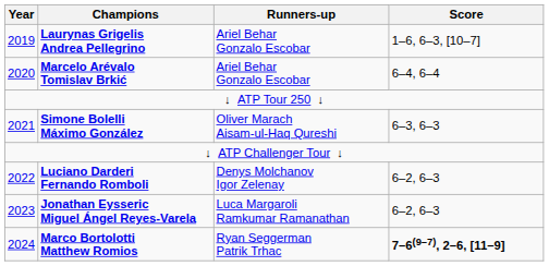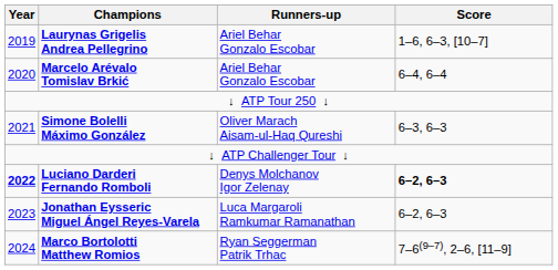 <table class="wikitable" style="font-size:90%">
 <tr>
 <th>Year</th>
 <th width="200">Champions</th>
 <th width="200">Runners-up</th>
 <th width="175">Score</th>
 </tr>
 <tr>
 <td><a href='#'>2019</a></td>
 <td> <strong><a href='#'>Laurynas Grigelis</a></strong><br> <strong><a href='#'>Andrea Pellegrino</a></strong></td>
 <td> <a href='#'>Ariel Behar</a><br> <a href='#'>Gonzalo Escobar</a></td>
 <td>1–6, 6–3, [10–7]</td>
 </tr>
 <tr>
 <td><a href='#'>2020</a></td>
 <td> <strong><a href='#'>Marcelo Arévalo</a></strong><br> <strong><a href='#'>Tomislav Brkić</a></strong></td>
 <td> <a href='#'>Ariel Behar</a><br> <a href='#'>Gonzalo Escobar</a></td>
 <td>6–4, 6–4</td>
 </tr>
 <tr>
 <td colspan=4 align=center>↓  <a href='#'>ATP Tour 250</a>  ↓</td>
 </tr>
 <tr>
 <td><a href='#'>2021</a></td>
 <td> <strong><a href='#'>Simone Bolelli</a></strong><br> <strong><a href='#'>Máximo González</a></strong></td>
 <td> <a href='#'>Oliver Marach</a><br> <a href='#'>Aisam-ul-Haq Qureshi</a></td>
 <td>6–3, 6–3</td>
 </tr>
 <tr>
 <td colspan=4 align=center>↓  <a href='#'>ATP Challenger Tour</a>  ↓</td>
 </tr>
 <tr>
-<td><a href='#'>2022</a></td>
+<td><strong><a href='#'>2022</a></strong></td>
 <td> <strong><a href='#'>Luciano Darderi</a></strong><br> <strong><a href='#'>Fernando Romboli</a></strong></td>
 <td> <a href='#'>Denys Molchanov</a><br> <a href='#'>Igor Zelenay</a></td>
-<td>6–2, 6–3</td>
+<td><strong>6–2, 6–3</strong></td>
 </tr>
 <tr>
 <td><a href='#'>2023</a></td>
 <td> <strong><a href='#'>Jonathan Eysseric</a></strong><br> <strong><a href='#'>Miguel Ángel Reyes-Varela</a></strong></td>
 <td> <a href='#'>Luca Margaroli</a><br> <a href='#'>Ramkumar Ramanathan</a></td>
 <td>6–2, 6–3</td>
 </tr>
 <tr>
 <td><a href='#'>2024</a></td>
 <td> <strong><a href='#'>Marco Bortolotti</a></strong><br> <strong><a href='#'>Matthew Romios</a></strong></td>
 <td> <a href='#'>Ryan Seggerman</a><br> <a href='#'>Patrik Trhac</a></td>
-<td><strong>7–6<sup>(9–7)</sup>, 2–6, [11–9]</strong></td>
+<td>7–6<sup>(9–7)</sup>, 2–6, [11–9]</td>
 </tr>
 </table>
